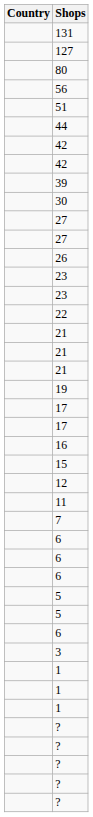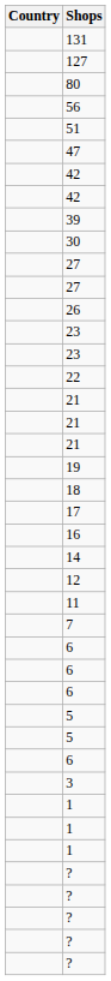 <table class="wikitable sortable sticky-header">
 <tr>
 <th>Country</th>
 <th>Shops</th>
 </tr>
 <tr>
 <td></td>
 <td>131</td>
 </tr>
 <tr>
 <td></td>
 <td>127</td>
 </tr>
 <tr>
 <td></td>
 <td>80</td>
 </tr>
 <tr>
 <td></td>
 <td>56</td>
 </tr>
 <tr>
 <td></td>
 <td>51</td>
 </tr>
 <tr>
 <td></td>
-<td>44</td>
+<td>47</td>
 </tr>
 <tr>
 <td></td>
 <td>42</td>
 </tr>
 <tr>
 <td></td>
 <td>42</td>
 </tr>
 <tr>
 <td></td>
 <td>39</td>
 </tr>
 <tr>
 <td></td>
 <td>30</td>
 </tr>
 <tr>
 <td></td>
 <td>27</td>
 </tr>
 <tr>
 <td></td>
 <td>27</td>
 </tr>
 <tr>
 <td></td>
 <td>26</td>
 </tr>
 <tr>
 <td></td>
 <td>23</td>
 </tr>
 <tr>
 <td></td>
 <td>23</td>
 </tr>
 <tr>
 <td></td>
 <td>22</td>
 </tr>
 <tr>
 <td></td>
 <td>21</td>
 </tr>
 <tr>
 <td></td>
 <td>21</td>
 </tr>
 <tr>
 <td></td>
 <td>21</td>
 </tr>
 <tr>
 <td></td>
 <td>19</td>
 </tr>
 <tr>
 <td></td>
-<td>17</td>
+<td>18</td>
 </tr>
 <tr>
 <td></td>
 <td>17</td>
 </tr>
 <tr>
 <td></td>
 <td>16</td>
 </tr>
 <tr>
 <td></td>
-<td>15</td>
+<td>14</td>
 </tr>
 <tr>
 <td></td>
 <td>12</td>
 </tr>
 <tr>
 <td></td>
 <td>11</td>
 </tr>
 <tr>
 <td></td>
 <td>7</td>
 </tr>
 <tr>
 <td></td>
 <td>6</td>
 </tr>
 <tr>
 <td></td>
 <td>6</td>
 </tr>
 <tr>
 <td></td>
 <td>6</td>
 </tr>
 <tr>
 <td></td>
 <td>5</td>
 </tr>
 <tr>
 <td></td>
 <td>5</td>
 </tr>
 <tr>
 <td></td>
 <td>6</td>
 </tr>
 <tr>
 <td></td>
 <td>3</td>
 </tr>
 <tr>
 <td></td>
 <td>1</td>
 </tr>
 <tr>
 <td></td>
 <td>1</td>
 </tr>
 <tr>
 <td></td>
 <td>1</td>
 </tr>
 <tr>
 <td></td>
 <td>?</td>
 </tr>
 <tr>
 <td></td>
 <td>?</td>
 </tr>
 <tr>
 <td></td>
 <td>?</td>
 </tr>
 <tr>
 <td></td>
 <td>?</td>
 </tr>
 <tr>
 <td></td>
 <td>?</td>
 </tr>
 </table>
